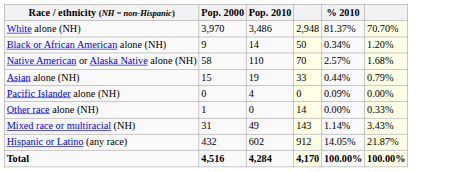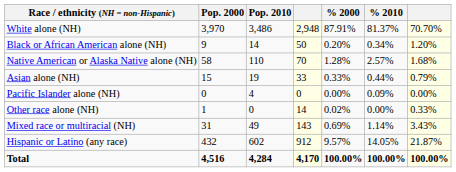 <table class="wikitable">
 <tr>
 <th>Race / ethnicity <small>(<em>NH = non-Hispanic</em>)</small></th>
 <th>Pop. 2000</th>
 <th>Pop. 2010</th>
 <th></th>
+<th>% 2000</th>
 <th>% 2010</th>
 <th></th>
 </tr>
 <tr>
 <td><a href='#'>White</a> alone (NH)</td>
 <td>3,970</td>
 <td>3,486</td>
 <td style='background: #ffffe6;'>2,948</td>
+<td>87.91%</td>
 <td>81.37%</td>
 <td style='background: #ffffe6;'>70.70%</td>
 </tr>
 <tr>
 <td><a href='#'>Black or African American</a> alone (NH)</td>
 <td>9</td>
 <td>14</td>
 <td style='background: #ffffe6;'>50</td>
+<td>0.20%</td>
 <td>0.34%</td>
 <td style='background: #ffffe6;'>1.20%</td>
 </tr>
 <tr>
 <td><a href='#'>Native American</a> or <a href='#'>Alaska Native</a> alone (NH)</td>
 <td>58</td>
 <td>110</td>
 <td style='background: #ffffe6;'>70</td>
+<td>1.28%</td>
 <td>2.57%</td>
 <td style='background: #ffffe6;'>1.68%</td>
 </tr>
 <tr>
 <td><a href='#'>Asian</a> alone (NH)</td>
 <td>15</td>
 <td>19</td>
 <td style='background: #ffffe6;'>33</td>
+<td>0.33%</td>
 <td>0.44%</td>
 <td style='background: #ffffe6;'>0.79%</td>
 </tr>
 <tr>
 <td><a href='#'>Pacific Islander</a> alone (NH)</td>
 <td>0</td>
 <td>4</td>
 <td style='background: #ffffe6;'>0</td>
+<td>0.00%</td>
 <td>0.09%</td>
 <td style='background: #ffffe6;'>0.00%</td>
 </tr>
 <tr>
 <td><a href='#'>Other race</a> alone (NH)</td>
 <td>1</td>
 <td>0</td>
 <td style='background: #ffffe6;'>14</td>
+<td>0.02%</td>
 <td>0.00%</td>
 <td style='background: #ffffe6;'>0.33%</td>
 </tr>
 <tr>
 <td><a href='#'>Mixed race or multiracial</a> (NH)</td>
 <td>31</td>
 <td>49</td>
 <td style='background: #ffffe6;'>143</td>
+<td>0.69%</td>
 <td>1.14%</td>
 <td style='background: #ffffe6;'>3.43%</td>
 </tr>
 <tr>
 <td><a href='#'>Hispanic or Latino</a> (any race)</td>
 <td>432</td>
 <td>602</td>
 <td style='background: #ffffe6;'>912</td>
+<td>9.57%</td>
 <td>14.05%</td>
 <td style='background: #ffffe6;'>21.87%</td>
 </tr>
 <tr>
 <td><strong>Total</strong></td>
 <td><strong>4,516</strong></td>
 <td><strong>4,284</strong></td>
 <td style='background: #ffffe6;'><strong>4,170</strong></td>
 <td><strong>100.00%</strong></td>
+<td><strong>100.00%</strong></td>
 <td style='background: #ffffe6;'><strong>100.00%</strong></td>
 </tr>
 </table>
